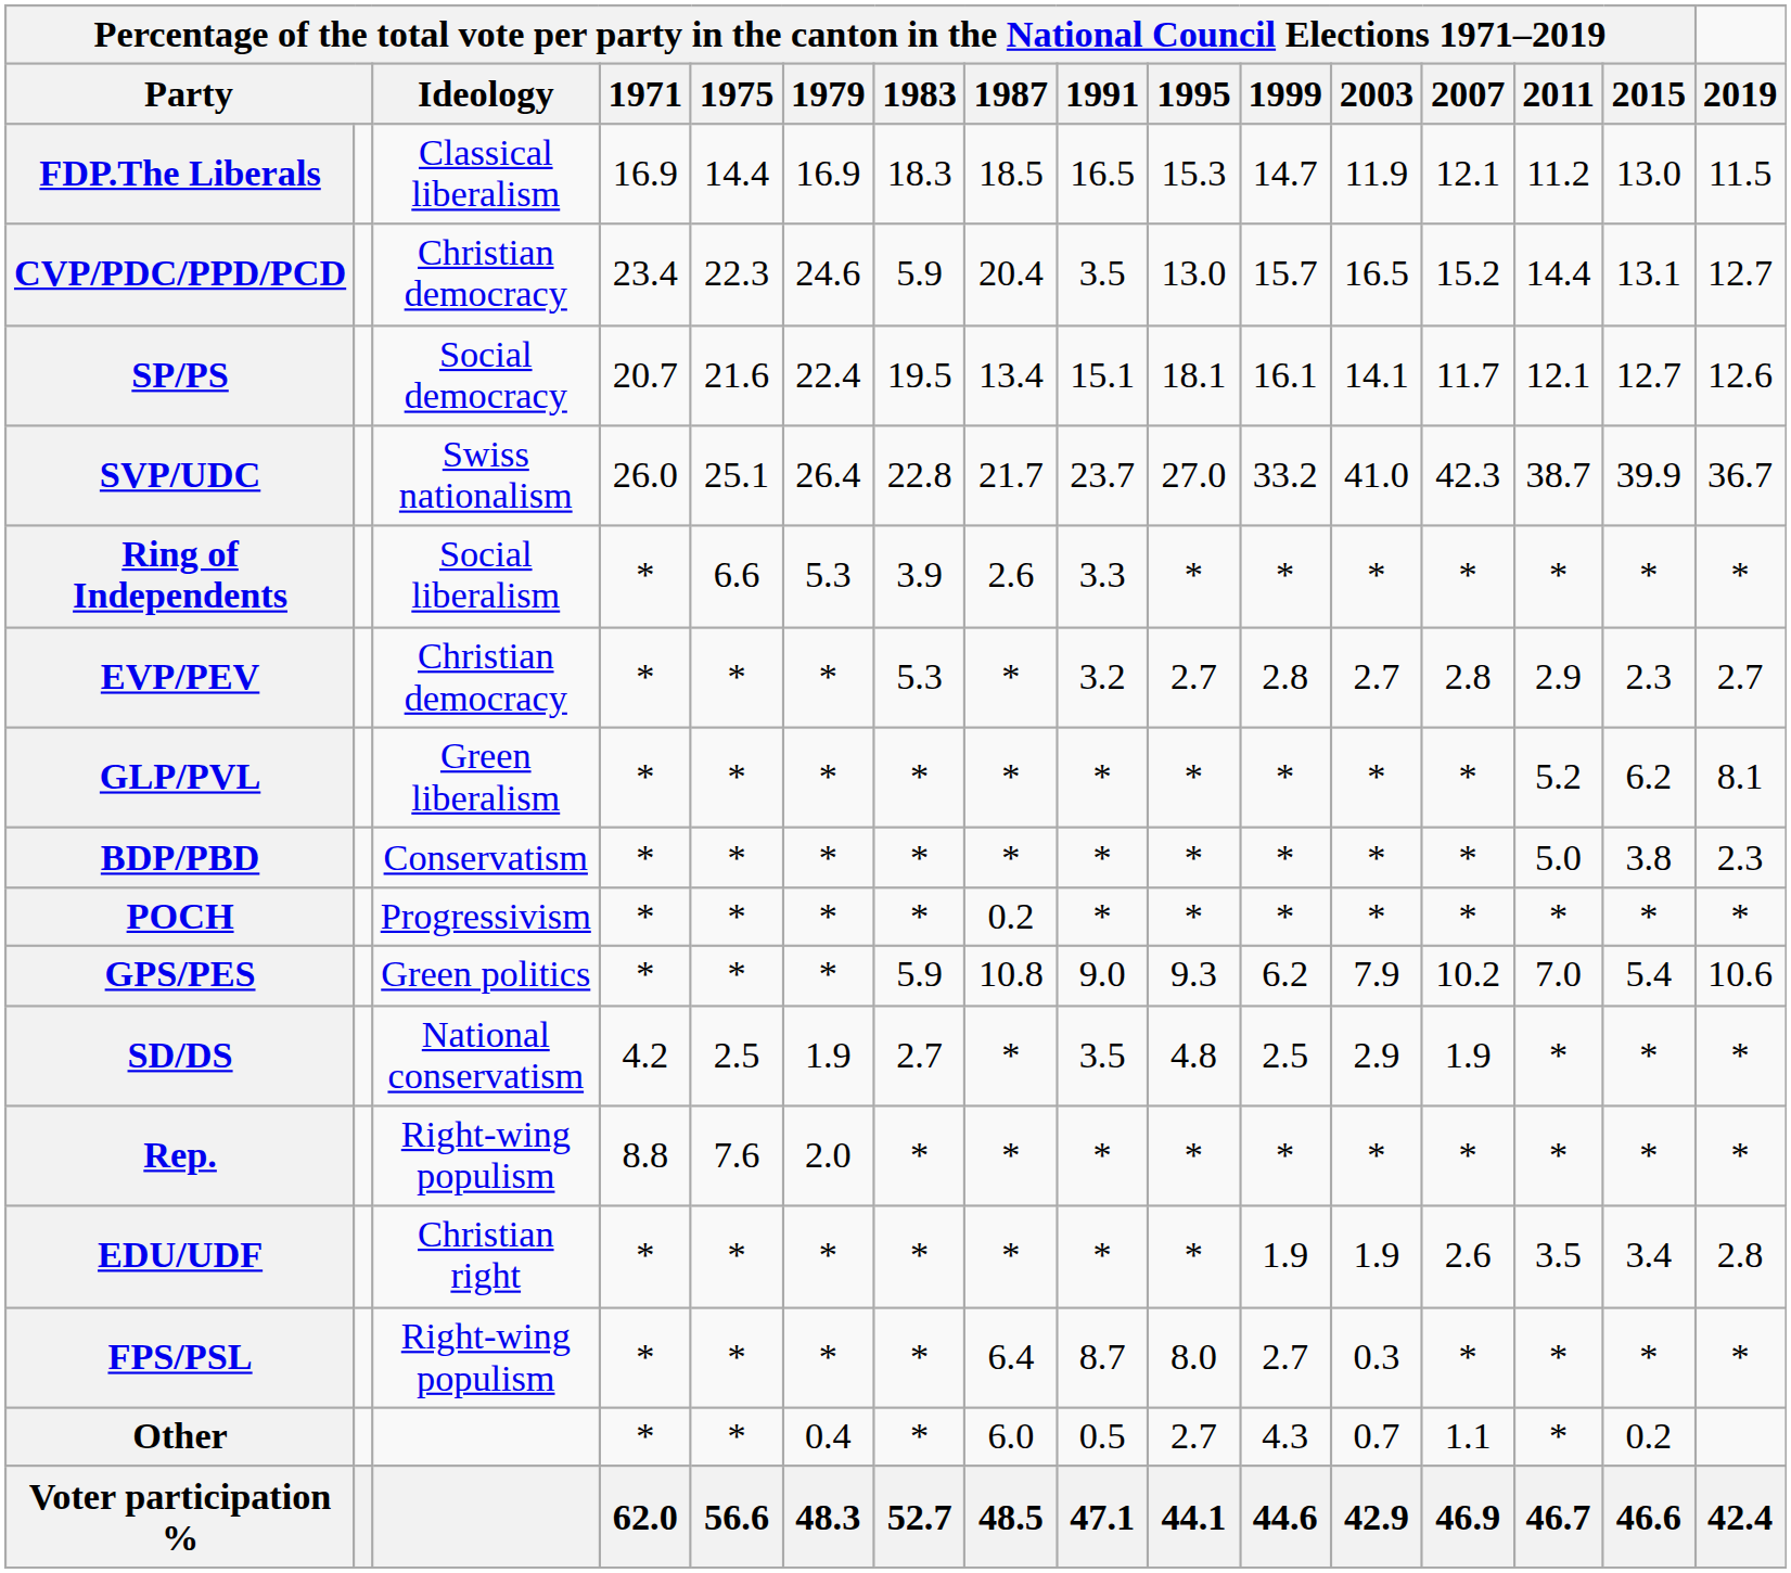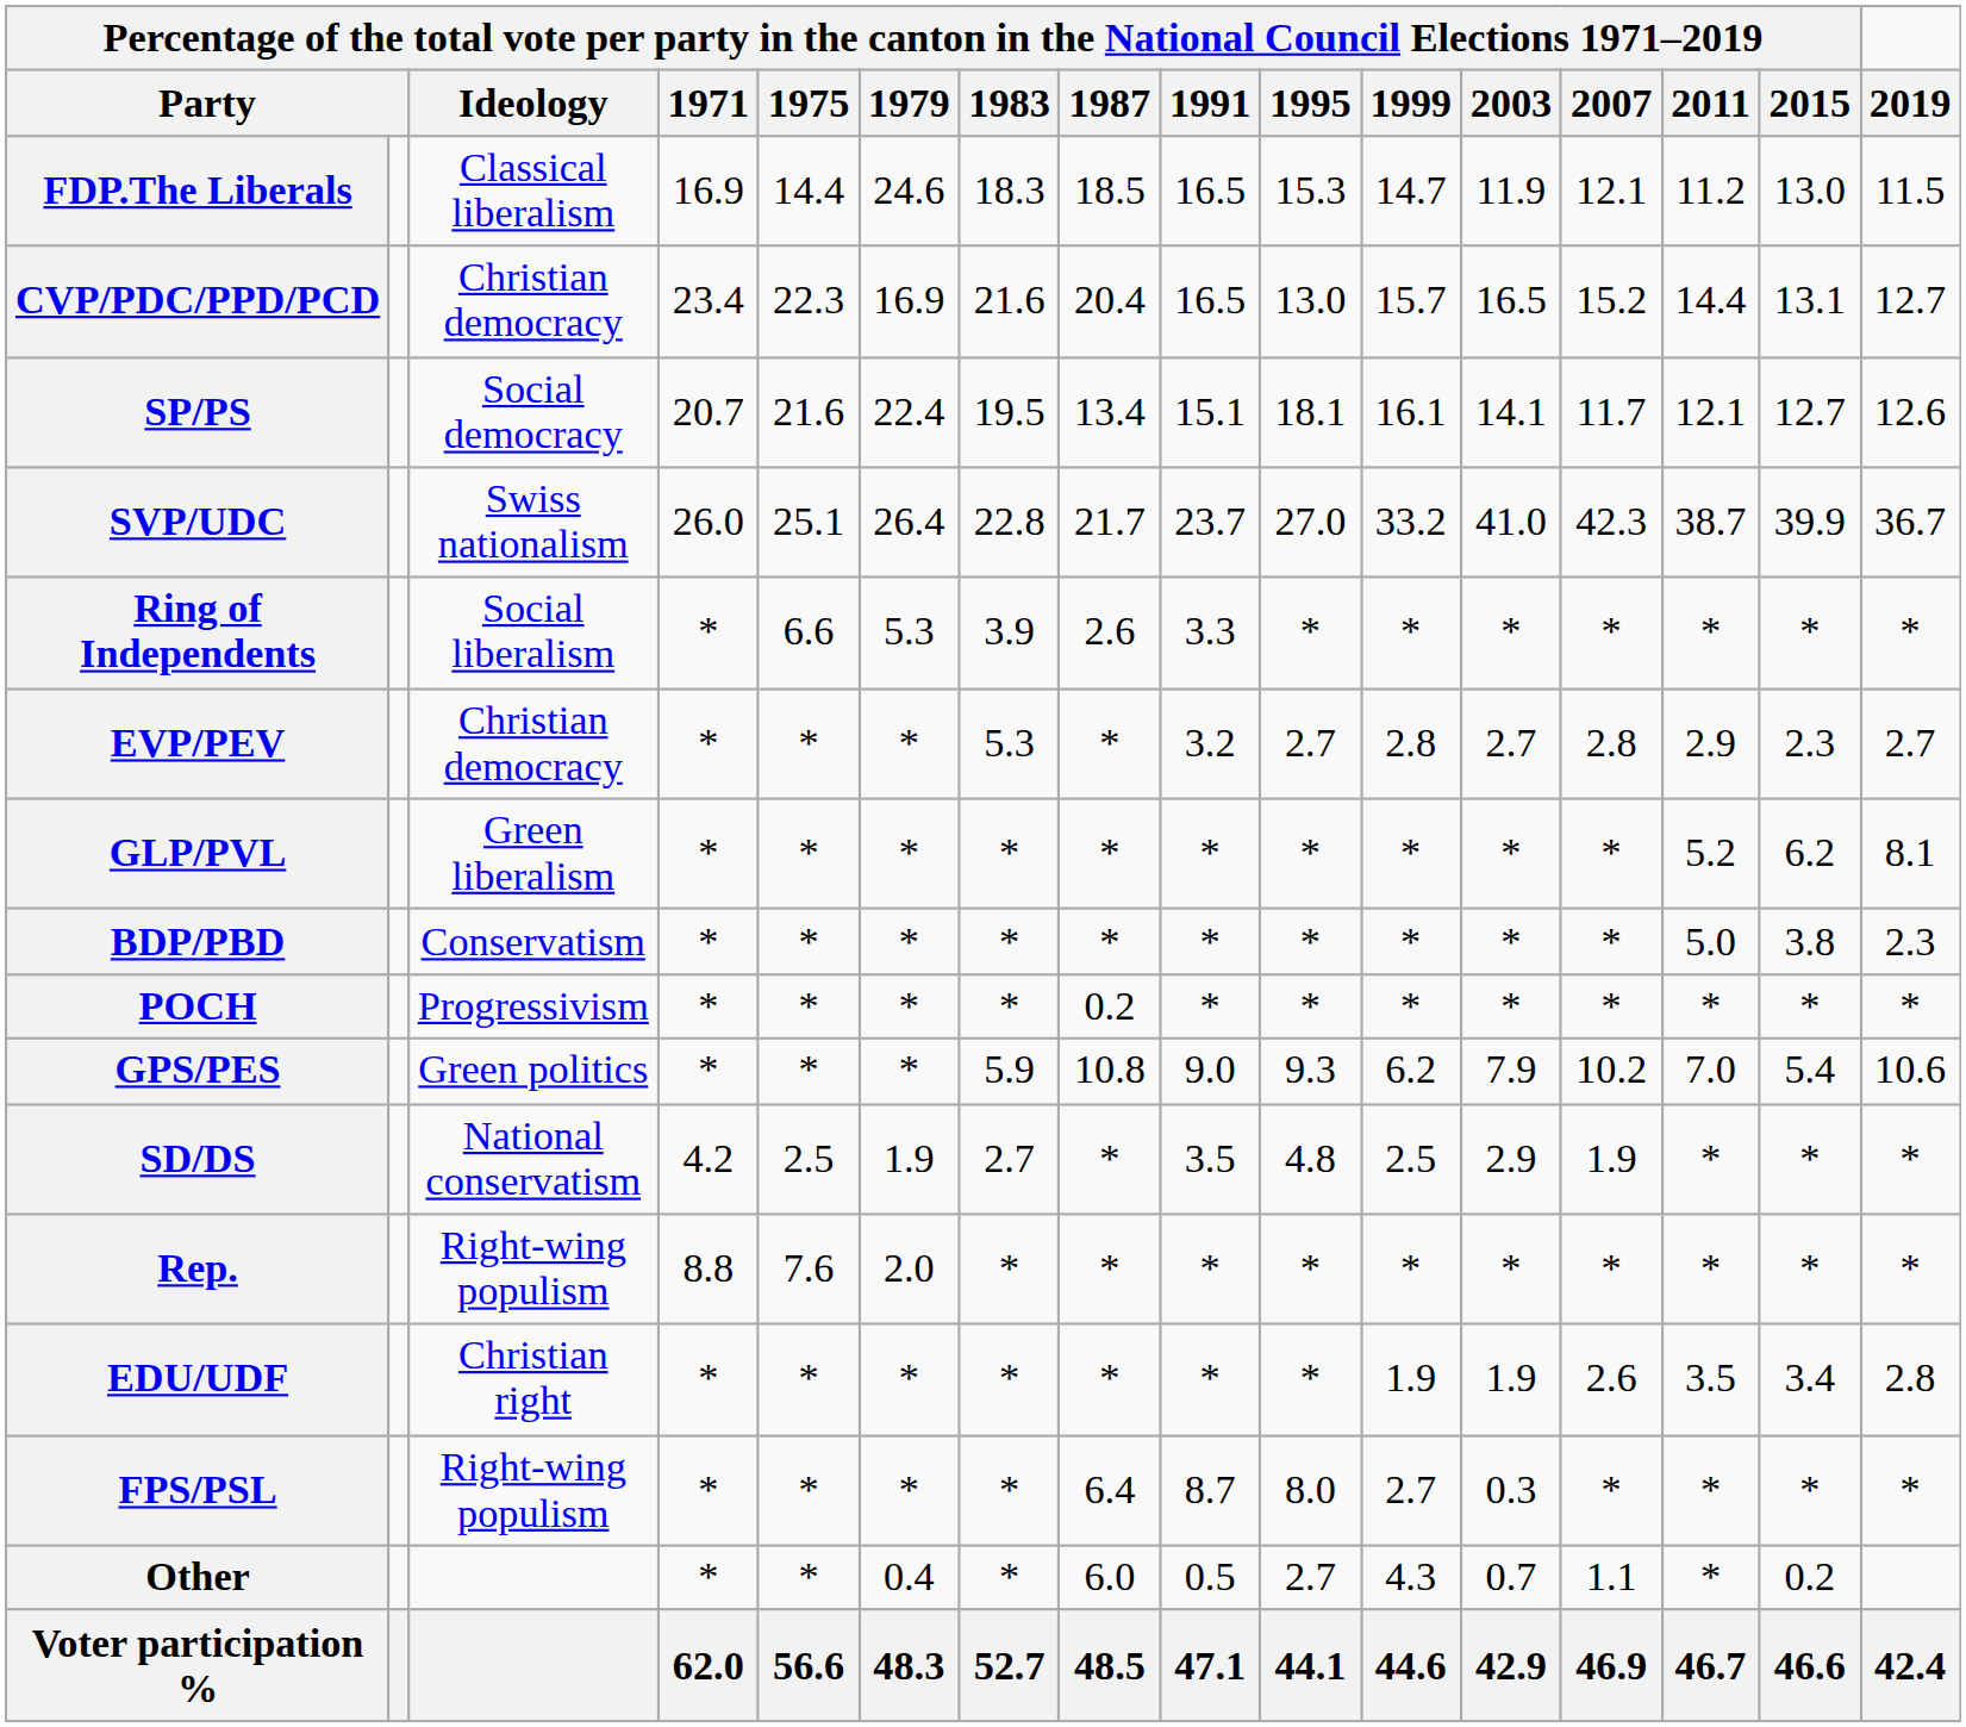 <table class="wikitable sortable" style ="text-align: center">
 <tr>
 <th colspan="15">Percentage of the total vote per party in the canton in the <a href='#'>National Council</a> Elections 1971–2019</th>
 </tr>
 <tr>
 <th colspan="2">Party</th>
 <th class="unsortable">Ideology</th>
 <th>1971</th>
 <th>1975</th>
 <th>1979</th>
 <th>1983</th>
 <th>1987</th>
 <th>1991</th>
 <th>1995</th>
 <th>1999</th>
 <th>2003</th>
 <th>2007</th>
 <th>2011</th>
 <th>2015</th>
 <th>2019</th>
 </tr>
 <tr>
 <th><a href='#'>FDP.The Liberals</a></th>
 <td style="color:inherit;background:"></td>
 <td><a href='#'>Classical liberalism</a></td>
 <td>16.9</td>
 <td>14.4</td>
-<td>16.9</td>
+<td>24.6</td>
 <td>18.3</td>
 <td>18.5</td>
 <td>16.5</td>
 <td>15.3</td>
 <td>14.7</td>
 <td>11.9</td>
 <td>12.1</td>
 <td>11.2</td>
 <td>13.0</td>
 <td>11.5</td>
 </tr>
 <tr>
 <th><a href='#'>CVP/PDC/PPD/PCD</a></th>
 <td style="color:inherit;background:"></td>
 <td><a href='#'>Christian democracy</a></td>
 <td>23.4</td>
 <td>22.3</td>
-<td>24.6</td>
-<td>5.9</td>
+<td>16.9</td>
+<td>21.6</td>
 <td>20.4</td>
-<td>3.5</td>
+<td>16.5</td>
 <td>13.0</td>
 <td>15.7</td>
 <td>16.5</td>
 <td>15.2</td>
 <td>14.4</td>
 <td>13.1</td>
 <td>12.7</td>
 </tr>
 <tr>
 <th><a href='#'>SP/PS</a></th>
 <td style="color:inherit;background:"></td>
 <td><a href='#'>Social democracy</a></td>
 <td>20.7</td>
 <td>21.6</td>
 <td>22.4</td>
 <td>19.5</td>
 <td>13.4</td>
 <td>15.1</td>
 <td>18.1</td>
 <td>16.1</td>
 <td>14.1</td>
 <td>11.7</td>
 <td>12.1</td>
 <td>12.7</td>
 <td>12.6</td>
 </tr>
 <tr>
 <th><a href='#'>SVP/UDC</a></th>
 <td style="color:inherit;background:"></td>
 <td><a href='#'>Swiss nationalism</a></td>
 <td>26.0</td>
 <td>25.1</td>
 <td>26.4</td>
 <td>22.8</td>
 <td>21.7</td>
 <td>23.7</td>
 <td>27.0</td>
 <td>33.2</td>
 <td>41.0</td>
 <td>42.3</td>
 <td>38.7</td>
 <td>39.9</td>
 <td>36.7</td>
 </tr>
 <tr>
 <th><a href='#'>Ring of Independents</a></th>
 <td></td>
 <td><a href='#'>Social liberalism</a></td>
 <td>* </td>
 <td>6.6</td>
 <td>5.3</td>
 <td>3.9</td>
 <td>2.6</td>
 <td>3.3</td>
 <td>*</td>
 <td>*</td>
 <td>*</td>
 <td>*</td>
 <td>*</td>
 <td>*</td>
 <td>*</td>
 </tr>
 <tr>
 <th><a href='#'>EVP/PEV</a></th>
 <td style="color:inherit;background:"></td>
 <td><a href='#'>Christian democracy</a></td>
 <td>*</td>
 <td>*</td>
 <td>*</td>
 <td>5.3</td>
 <td>*</td>
 <td>3.2</td>
 <td>2.7</td>
 <td>2.8</td>
 <td>2.7</td>
 <td>2.8</td>
 <td>2.9</td>
 <td>2.3</td>
 <td>2.7</td>
 </tr>
 <tr>
 <th><a href='#'>GLP/PVL</a></th>
 <td style="color:inherit;background:"></td>
 <td><a href='#'>Green liberalism</a></td>
 <td>*</td>
 <td>*</td>
 <td>*</td>
 <td>*</td>
 <td>*</td>
 <td>*</td>
 <td>*</td>
 <td>*</td>
 <td>*</td>
 <td>*</td>
 <td>5.2</td>
 <td>6.2</td>
 <td>8.1</td>
 </tr>
 <tr>
 <th><a href='#'>BDP/PBD</a></th>
 <td style="color:inherit;background:"></td>
 <td><a href='#'>Conservatism</a></td>
 <td>*</td>
 <td>*</td>
 <td>*</td>
 <td>*</td>
 <td>*</td>
 <td>*</td>
 <td>*</td>
 <td>*</td>
 <td>*</td>
 <td>*</td>
 <td>5.0</td>
 <td>3.8</td>
 <td>2.3</td>
 </tr>
 <tr>
 <th><a href='#'>POCH</a></th>
 <td></td>
 <td><a href='#'>Progressivism</a></td>
 <td>*</td>
 <td>*</td>
 <td>*</td>
 <td>*</td>
 <td>0.2</td>
 <td>*</td>
 <td>*</td>
 <td>*</td>
 <td>*</td>
 <td>*</td>
 <td>*</td>
 <td>*</td>
 <td>*</td>
 </tr>
 <tr>
 <th><a href='#'>GPS/PES</a></th>
 <td style="color:inherit;background:"></td>
 <td><a href='#'>Green politics</a></td>
 <td>*</td>
 <td>*</td>
 <td>*</td>
 <td>5.9</td>
 <td>10.8</td>
 <td>9.0</td>
 <td>9.3</td>
 <td>6.2</td>
 <td>7.9</td>
 <td>10.2</td>
 <td>7.0</td>
 <td>5.4</td>
 <td>10.6</td>
 </tr>
 <tr>
 <th><a href='#'>SD/DS</a></th>
 <td style="color:inherit;background:"></td>
 <td><a href='#'>National conservatism</a></td>
 <td>4.2</td>
 <td>2.5</td>
 <td>1.9</td>
 <td>2.7</td>
 <td>*</td>
 <td>3.5</td>
 <td>4.8</td>
 <td>2.5</td>
 <td>2.9</td>
 <td>1.9</td>
 <td>*</td>
 <td>*</td>
 <td>*</td>
 </tr>
 <tr>
 <th><a href='#'>Rep.</a></th>
 <td></td>
 <td><a href='#'>Right-wing populism</a></td>
 <td>8.8</td>
 <td>7.6</td>
 <td>2.0</td>
 <td>*</td>
 <td>*</td>
 <td>*</td>
 <td>*</td>
 <td>*</td>
 <td>*</td>
 <td>*</td>
 <td>*</td>
 <td>*</td>
 <td>*</td>
 </tr>
 <tr>
 <th><a href='#'>EDU/UDF</a></th>
 <td style="color:inherit;background:"></td>
 <td><a href='#'>Christian right</a></td>
 <td>*</td>
 <td>*</td>
 <td>*</td>
 <td>*</td>
 <td>*</td>
 <td>*</td>
 <td>*</td>
 <td>1.9</td>
 <td>1.9</td>
 <td>2.6</td>
 <td>3.5</td>
 <td>3.4</td>
 <td>2.8</td>
 </tr>
 <tr>
 <th><a href='#'>FPS/PSL</a></th>
 <td style="color:inherit;background:"></td>
 <td><a href='#'>Right-wing populism</a></td>
 <td>*</td>
 <td>*</td>
 <td>*</td>
 <td>*</td>
 <td>6.4</td>
 <td>8.7</td>
 <td>8.0</td>
 <td>2.7</td>
 <td>0.3</td>
 <td>*</td>
 <td>*</td>
 <td>*</td>
 <td>*</td>
 </tr>
 <tr>
 <th>Other</th>
 <td></td>
 <td></td>
 <td>*</td>
 <td>*</td>
 <td>0.4</td>
 <td>*</td>
 <td>6.0</td>
 <td>0.5</td>
 <td>2.7</td>
 <td>4.3</td>
 <td>0.7</td>
 <td>1.1</td>
 <td>*</td>
 <td>0.2</td>
 </tr>
 <tr>
 <th>Voter participation %</th>
 <th></th>
 <th></th>
 <th>62.0</th>
 <th>56.6</th>
 <th>48.3</th>
 <th>52.7</th>
 <th>48.5</th>
 <th>47.1</th>
 <th>44.1</th>
 <th>44.6</th>
 <th>42.9</th>
 <th>46.9</th>
 <th>46.7</th>
 <th>46.6</th>
 <th>42.4</th>
 </tr>
 <tr>
 </tr>
 </table>
